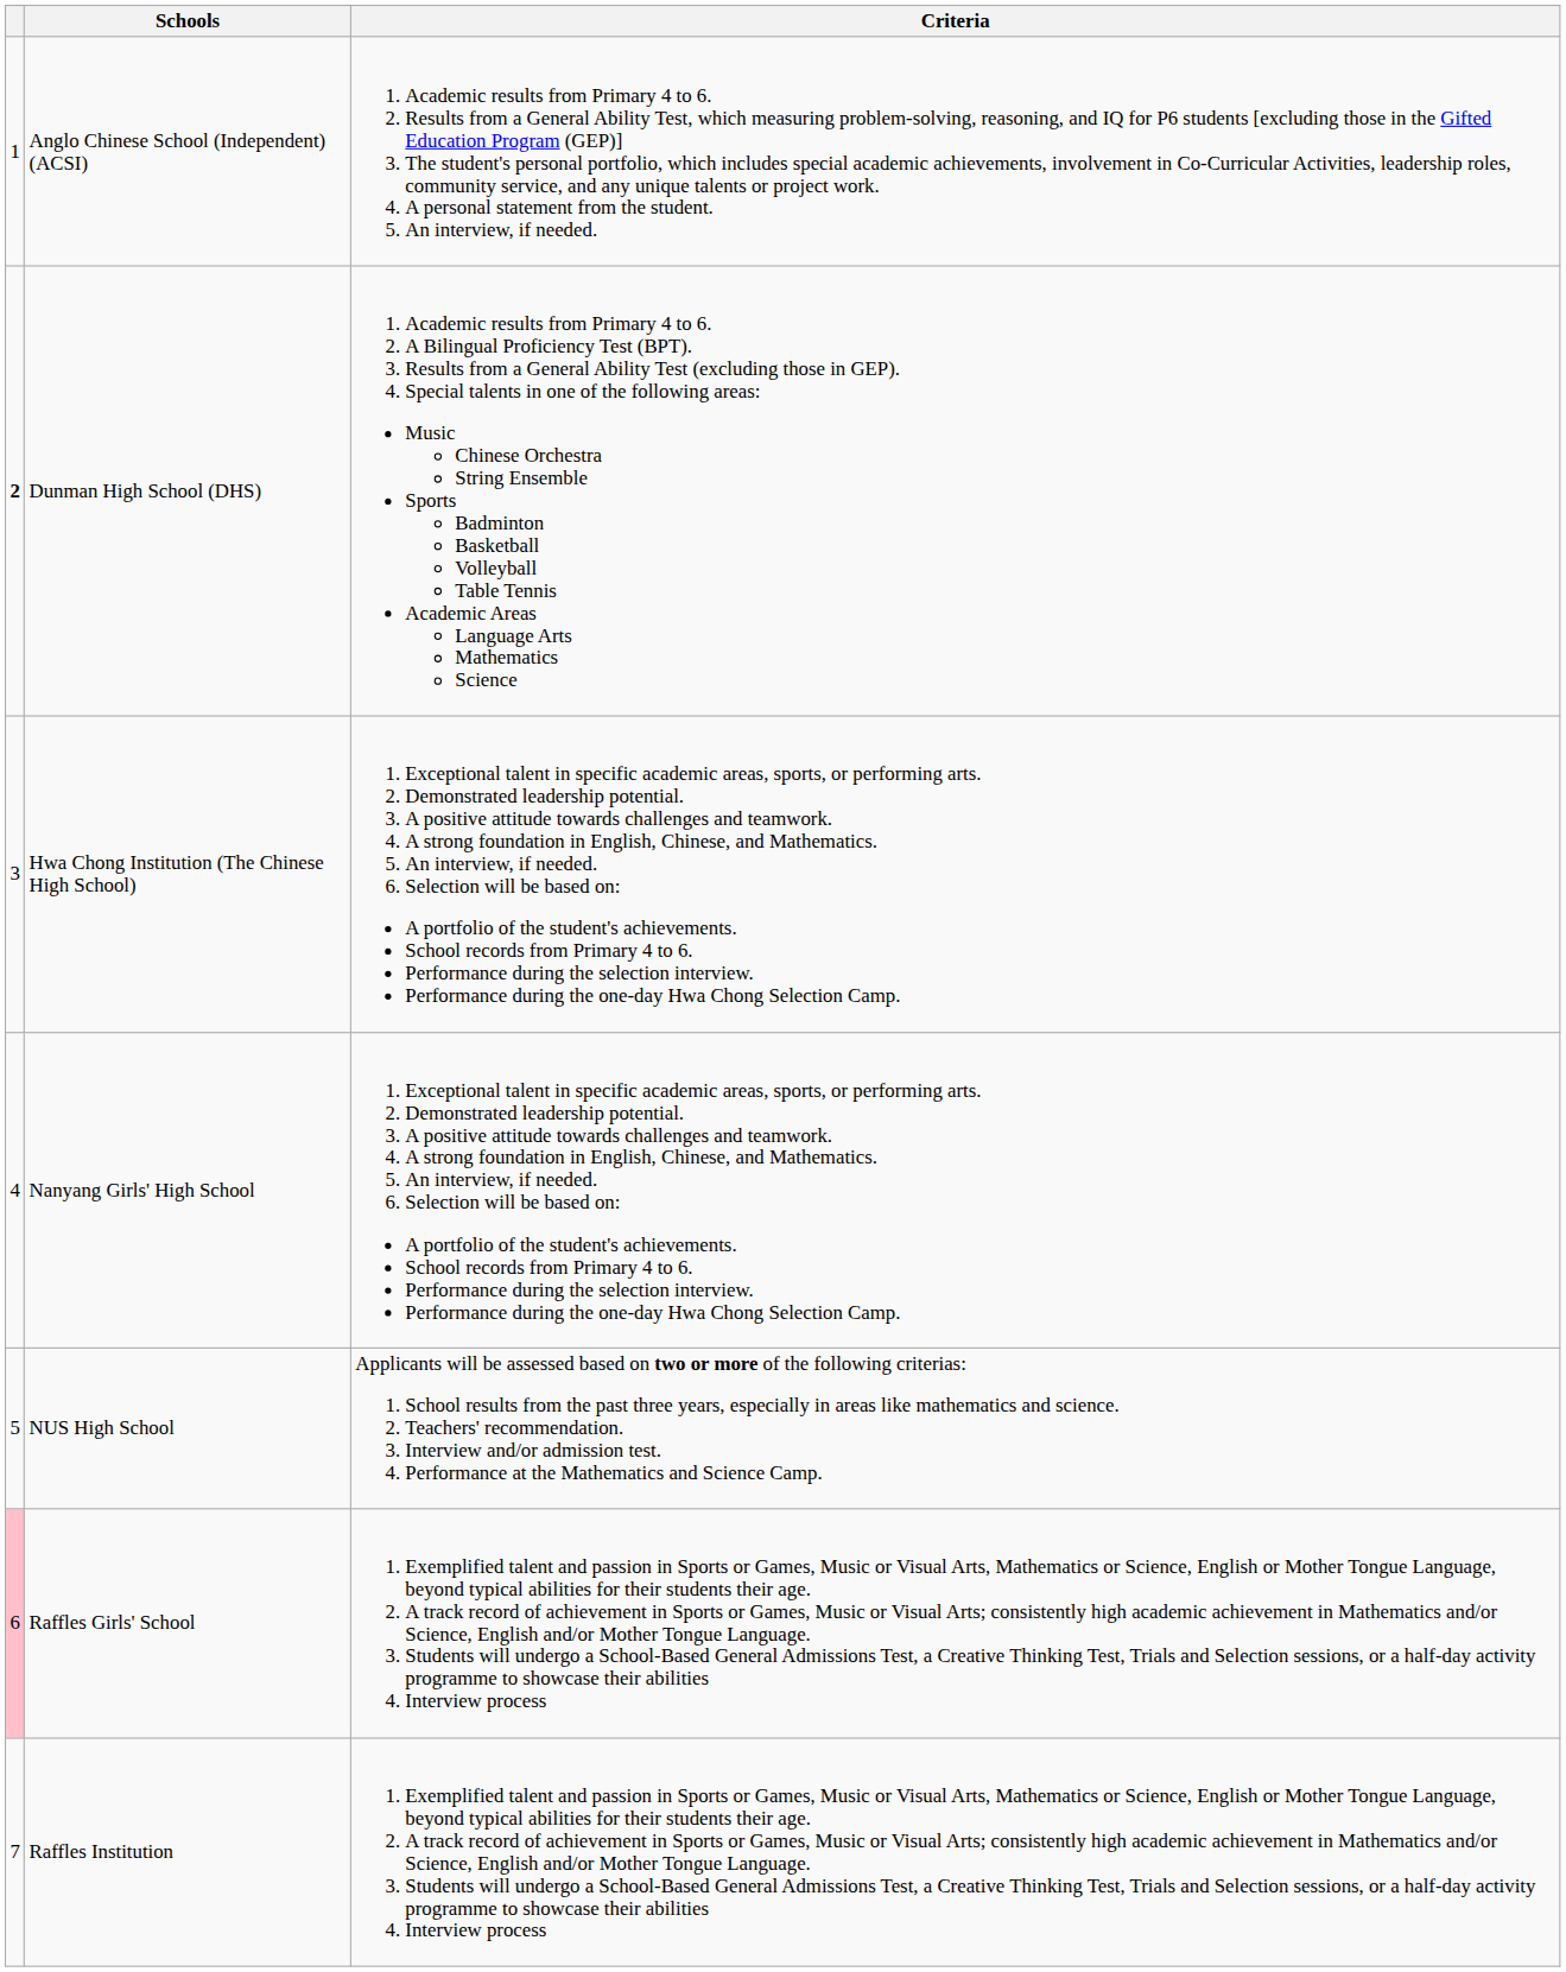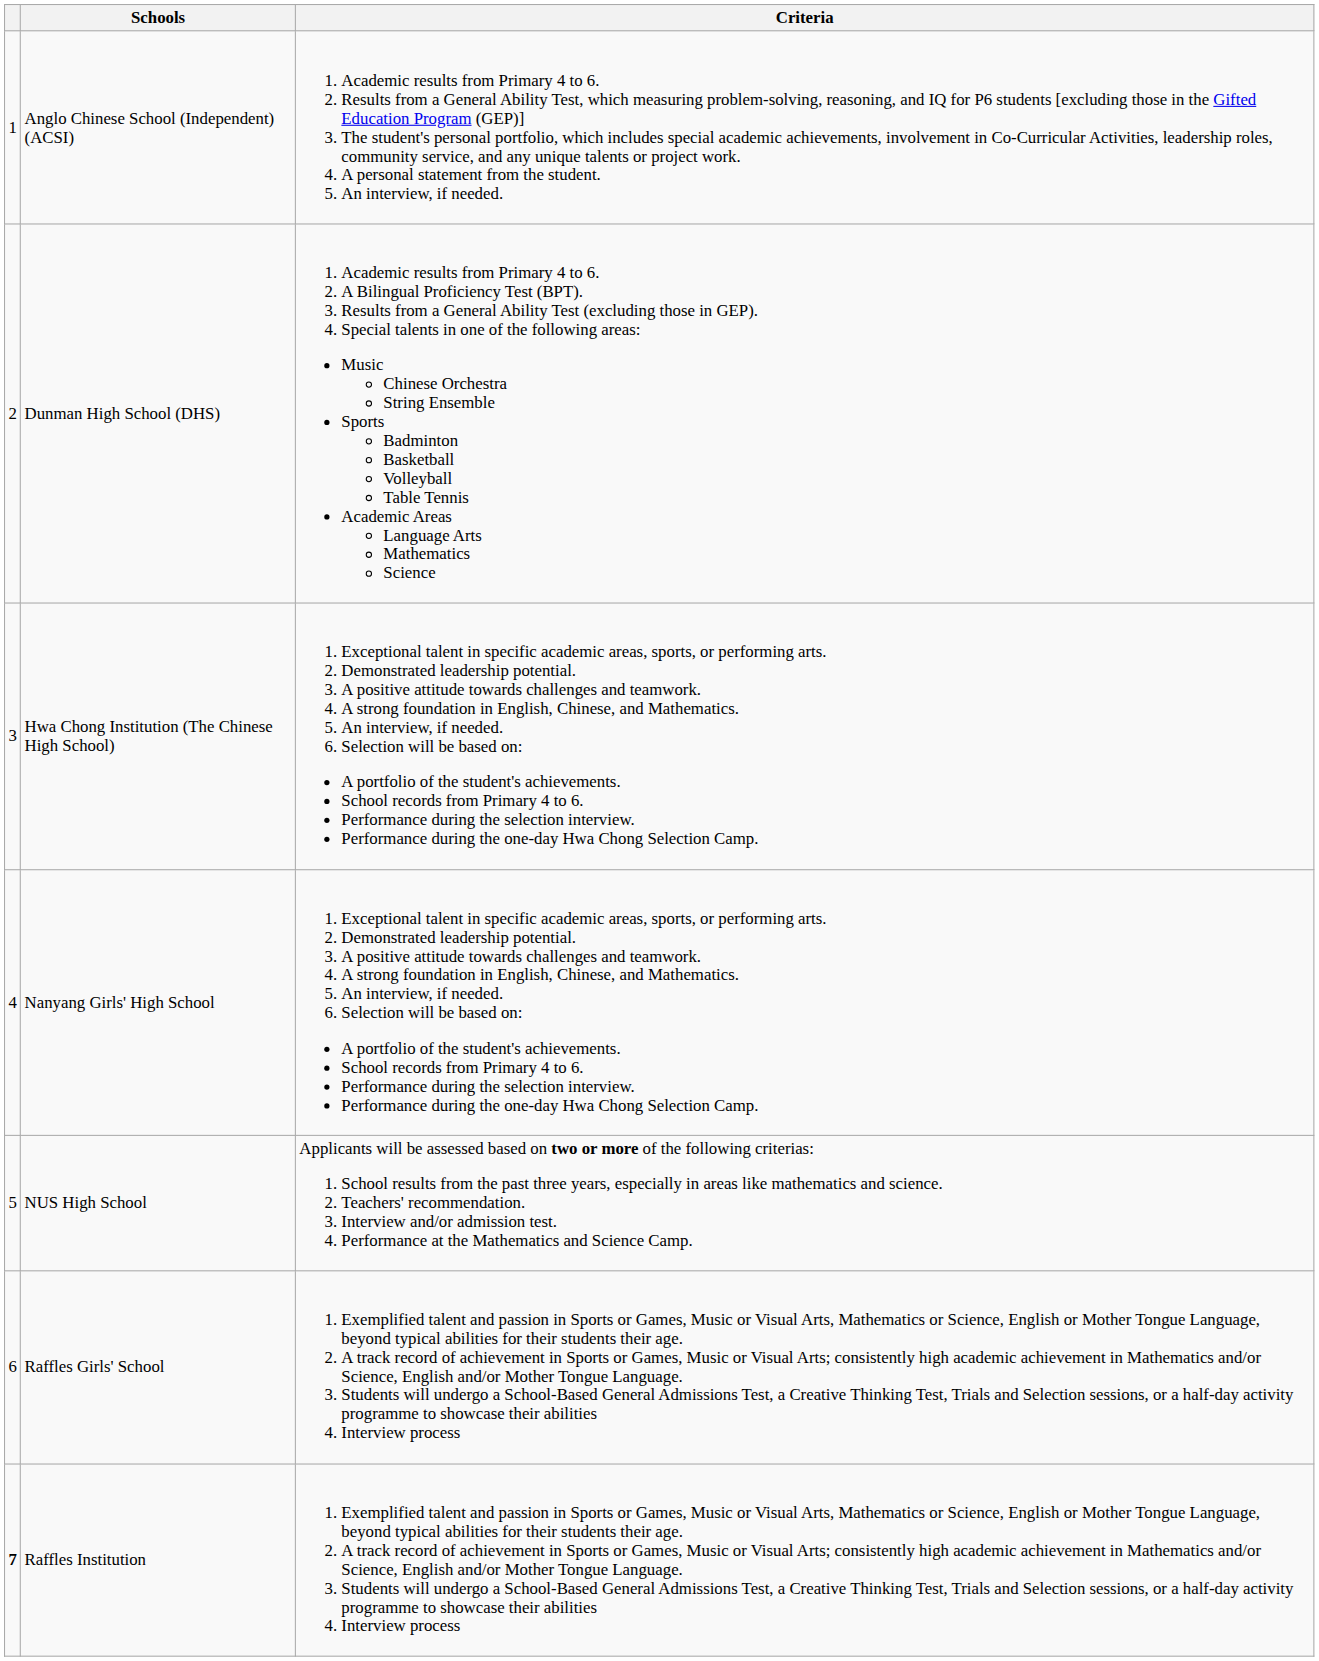 <table class="wikitable">
 <tr>
 <th></th>
 <th>Schools</th>
 <th>Criteria</th>
 </tr>
 <tr>
 <td>1</td>
 <td>Anglo Chinese School (Independent) (ACSI)</td>
 <td><br><ol><li>Academic results from Primary 4 to 6.</li><li>Results from a General Ability Test, which measuring problem-solving, reasoning, and IQ for P6 students [excluding those in the <a href='#'>Gifted Education Program</a> (GEP)]</li><li>The student's personal portfolio, which includes special academic achievements, involvement in Co-Curricular Activities, leadership roles, community service, and any unique talents or project work.</li><li>A personal statement from the student.</li><li>An interview, if needed.</li></ol></td>
 </tr>
 <tr>
-<td><strong>2</strong></td>
+<td>2</td>
 <td>Dunman High School (DHS)</td>
 <td><br><ol><li>Academic results from Primary 4 to 6.</li><li>A Bilingual Proficiency Test (BPT).</li><li>Results from a General Ability Test (excluding those in GEP).</li><li>Special talents in one of the following areas:</li></ol><ul><li>Music<ul><li>Chinese Orchestra</li><li>String Ensemble</li></ul></li><li>Sports<ul><li>Badminton</li><li>Basketball</li><li>Volleyball</li><li>Table Tennis</li></ul></li><li>Academic Areas<ul><li>Language Arts</li><li>Mathematics</li><li>Science</li></ul></li></ul></td>
 </tr>
 <tr>
 <td>3</td>
 <td>Hwa Chong Institution (The Chinese High School)</td>
 <td><br><ol><li>Exceptional talent in specific academic areas, sports, or performing arts.</li><li>Demonstrated leadership potential.</li><li>A positive attitude towards challenges and teamwork.</li><li>A strong foundation in English, Chinese, and Mathematics.</li><li>An interview, if needed.</li><li>Selection will be based on:</li></ol><ul><li>A portfolio of the student's achievements.</li><li>School records from Primary 4 to 6.</li><li>Performance during the selection interview.</li><li>Performance during the one-day Hwa Chong Selection Camp.</li></ul></td>
 </tr>
 <tr>
 <td>4</td>
 <td>Nanyang Girls' High School</td>
 <td><br><ol><li>Exceptional talent in specific academic areas, sports, or performing arts.</li><li>Demonstrated leadership potential.</li><li>A positive attitude towards challenges and teamwork.</li><li>A strong foundation in English, Chinese, and Mathematics.</li><li>An interview, if needed.</li><li>Selection will be based on:</li></ol><ul><li>A portfolio of the student's achievements.</li><li>School records from Primary 4 to 6.</li><li>Performance during the selection interview.</li><li>Performance during the one-day Hwa Chong Selection Camp.</li></ul></td>
 </tr>
 <tr>
 <td>5</td>
 <td>NUS High School</td>
 <td>Applicants will be assessed based on <strong>two or more</strong> of the following criterias:<br><ol><li>School results from the past three years, especially in areas like mathematics and science.</li><li>Teachers' recommendation.</li><li>Interview and/or admission test.</li><li>Performance at the Mathematics and Science Camp.</li></ol></td>
 </tr>
 <tr>
-<td style="background: pink;">6</td>
+<td>6</td>
 <td>Raffles Girls' School</td>
 <td><br><ol><li>Exemplified talent and passion in Sports or Games, Music or Visual Arts, Mathematics or Science, English or Mother Tongue Language, beyond typical abilities for their students their age.</li><li>A track record of achievement in Sports or Games, Music or Visual Arts; consistently high academic achievement in Mathematics and/or Science, English and/or Mother Tongue Language.</li><li>Students will undergo a School-Based General Admissions Test, a Creative Thinking Test, Trials and Selection sessions, or a half-day activity programme to showcase their abilities</li><li>Interview process</li></ol></td>
 </tr>
 <tr>
-<td>7</td>
+<td><strong>7</strong></td>
 <td>Raffles Institution</td>
 <td><br><ol><li>Exemplified talent and passion in Sports or Games, Music or Visual Arts, Mathematics or Science, English or Mother Tongue Language, beyond typical abilities for their students their age.</li><li>A track record of achievement in Sports or Games, Music or Visual Arts; consistently high academic achievement in Mathematics and/or Science, English and/or Mother Tongue Language.</li><li>Students will undergo a School-Based General Admissions Test, a Creative Thinking Test, Trials and Selection sessions, or a half-day activity programme to showcase their abilities</li><li>Interview process</li></ol></td>
 </tr>
 </table>
